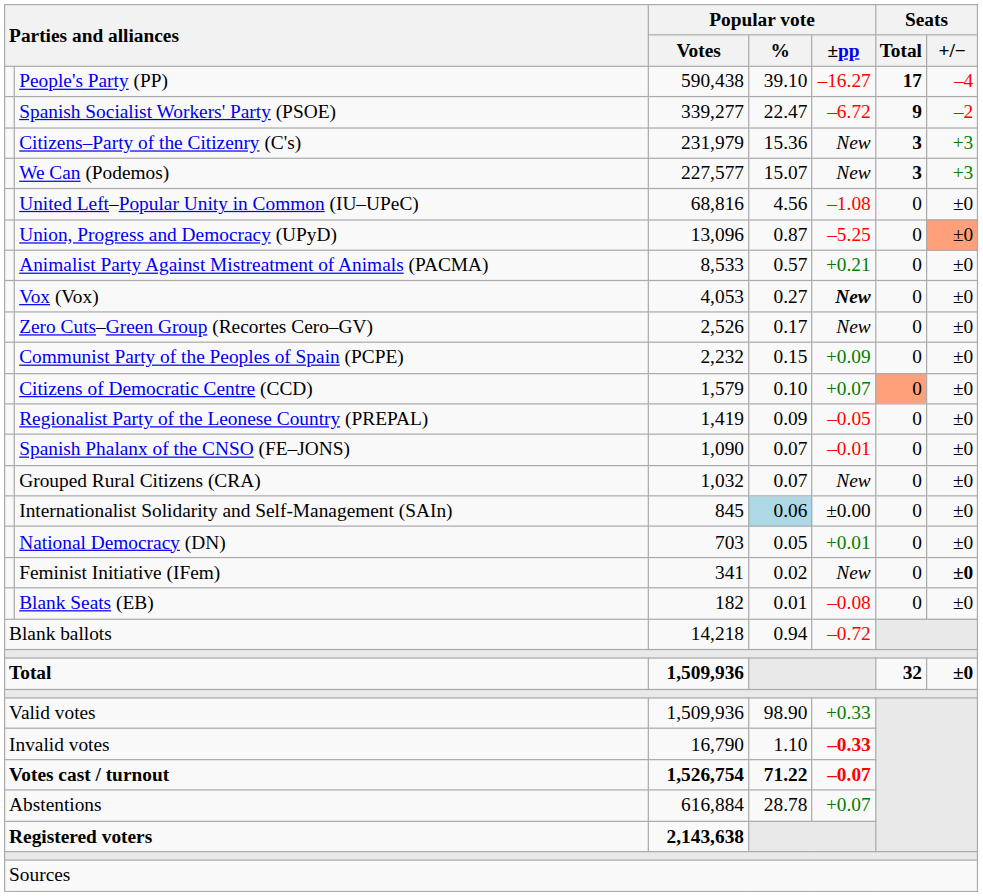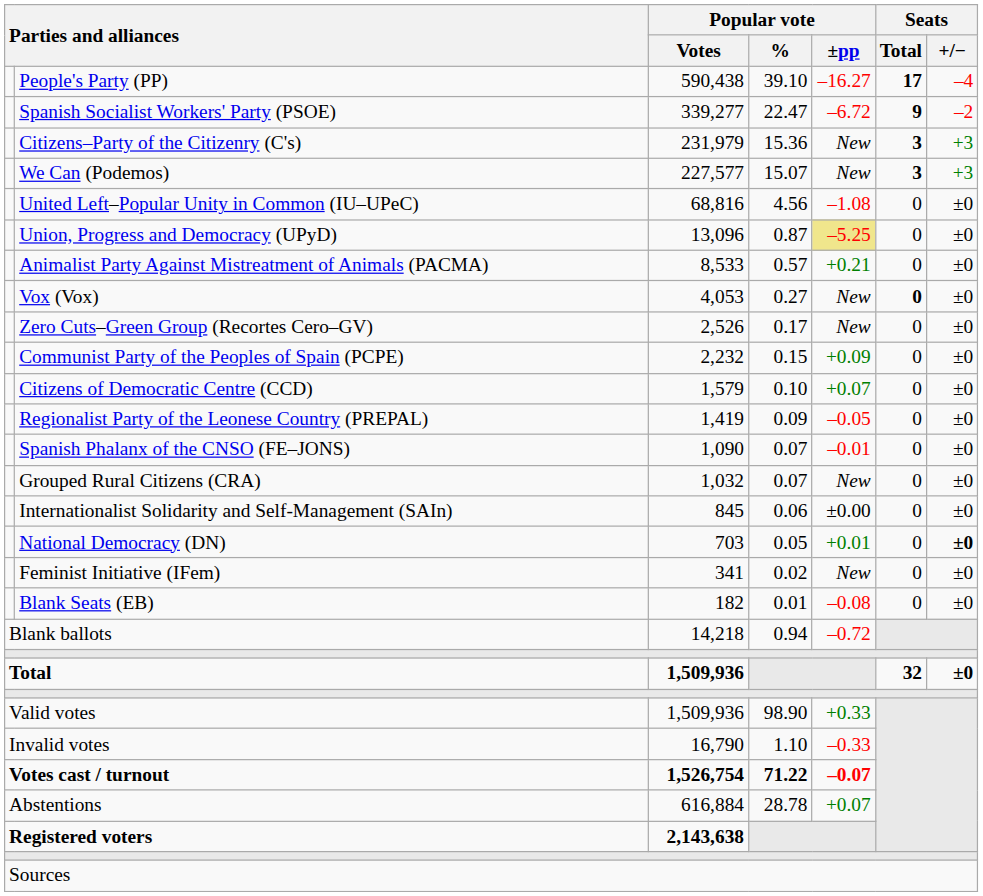 <table class="wikitable" style="text-align:right;">
 <tr>
 <th style="text-align:left;" rowspan="2" colspan="2" width="525">Parties and alliances</th>
 <th colspan="3">Popular vote</th>
 <th colspan="2">Seats</th>
 </tr>
 <tr>
 <th width="75">Votes</th>
 <th width="45">%</th>
 <th width="45">±<a href='#'>pp</a></th>
 <th width="35">Total</th>
 <th width="35">+/−</th>
 </tr>
 <tr>
 <td width="1" style="color:inherit;background:"></td>
 <td align="left"><a href='#'>People's Party</a> (PP)</td>
 <td>590,438</td>
 <td>39.10</td>
 <td style="color:red;">–16.27</td>
 <td><strong>17</strong></td>
 <td style="color:red;">–4</td>
 </tr>
 <tr>
 <td style="color:inherit;background:"></td>
 <td align="left"><a href='#'>Spanish Socialist Workers' Party</a> (PSOE)</td>
 <td>339,277</td>
 <td>22.47</td>
 <td style="color:red;">–6.72</td>
 <td><strong>9</strong></td>
 <td style="color:red;">–2</td>
 </tr>
 <tr>
 <td style="color:inherit;background:"></td>
 <td align="left"><a href='#'>Citizens–Party of the Citizenry</a> (C's)</td>
 <td>231,979</td>
 <td>15.36</td>
 <td><em>New</em></td>
 <td><strong>3</strong></td>
 <td style="color:green;">+3</td>
 </tr>
 <tr>
 <td style="color:inherit;background:"></td>
 <td align="left"><a href='#'>We Can</a> (Podemos)</td>
 <td>227,577</td>
 <td>15.07</td>
 <td><em>New</em></td>
 <td><strong>3</strong></td>
 <td style="color:green;">+3</td>
 </tr>
 <tr>
 <td style="color:inherit;background:"></td>
 <td align="left"><a href='#'>United Left</a>–<a href='#'>Popular Unity in Common</a> (IU–UPeC)</td>
 <td>68,816</td>
 <td>4.56</td>
 <td style="color:red;">–1.08</td>
 <td>0</td>
 <td>±0</td>
 </tr>
 <tr>
 <td style="color:inherit;background:"></td>
 <td align="left"><a href='#'>Union, Progress and Democracy</a> (UPyD)</td>
 <td>13,096</td>
 <td>0.87</td>
-<td style="color:red;">–5.25</td>
+<td style="background: khaki; color:red;">–5.25</td>
 <td>0</td>
-<td style="background: lightsalmon;">±0</td>
+<td>±0</td>
 </tr>
 <tr>
 <td style="color:inherit;background:"></td>
 <td align="left"><a href='#'>Animalist Party Against Mistreatment of Animals</a> (PACMA)</td>
 <td>8,533</td>
 <td>0.57</td>
 <td style="color:green;">+0.21</td>
 <td>0</td>
 <td>±0</td>
 </tr>
 <tr>
 <td style="color:inherit;background:"></td>
 <td align="left"><a href='#'>Vox</a> (Vox)</td>
 <td>4,053</td>
 <td>0.27</td>
-<td><strong><em>New</em></strong></td>
-<td>0</td>
+<td><em>New</em></td>
+<td><strong>0</strong></td>
 <td>±0</td>
 </tr>
 <tr>
 <td style="color:inherit;background:"></td>
 <td align="left"><a href='#'>Zero Cuts</a>–<a href='#'>Green Group</a> (Recortes Cero–GV)</td>
 <td>2,526</td>
 <td>0.17</td>
 <td><em>New</em></td>
 <td>0</td>
 <td>±0</td>
 </tr>
 <tr>
 <td style="color:inherit;background:"></td>
 <td align="left"><a href='#'>Communist Party of the Peoples of Spain</a> (PCPE)</td>
 <td>2,232</td>
 <td>0.15</td>
 <td style="color:green;">+0.09</td>
 <td>0</td>
 <td>±0</td>
 </tr>
 <tr>
 <td style="color:inherit;background:"></td>
 <td align="left"><a href='#'>Citizens of Democratic Centre</a> (CCD)</td>
 <td>1,579</td>
 <td>0.10</td>
 <td style="color:green;">+0.07</td>
-<td style="background: lightsalmon;">0</td>
+<td>0</td>
 <td>±0</td>
 </tr>
 <tr>
 <td style="color:inherit;background:"></td>
 <td align="left"><a href='#'>Regionalist Party of the Leonese Country</a> (PREPAL)</td>
 <td>1,419</td>
 <td>0.09</td>
 <td style="color:red;">–0.05</td>
 <td>0</td>
 <td>±0</td>
 </tr>
 <tr>
 <td style="color:inherit;background:"></td>
 <td align="left"><a href='#'>Spanish Phalanx of the CNSO</a> (FE–JONS)</td>
 <td>1,090</td>
 <td>0.07</td>
 <td style="color:red;">–0.01</td>
 <td>0</td>
 <td>±0</td>
 </tr>
 <tr>
 <td style="color:inherit;background:"></td>
 <td align="left">Grouped Rural Citizens (CRA)</td>
 <td>1,032</td>
 <td>0.07</td>
 <td><em>New</em></td>
 <td>0</td>
 <td>±0</td>
 </tr>
 <tr>
 <td style="color:inherit;background:"></td>
 <td align="left">Internationalist Solidarity and Self-Management (SAIn)</td>
 <td>845</td>
-<td style="background: lightblue;">0.06</td>
+<td>0.06</td>
 <td>±0.00</td>
 <td>0</td>
 <td>±0</td>
 </tr>
 <tr>
 <td style="color:inherit;background:"></td>
 <td align="left"><a href='#'>National Democracy</a> (DN)</td>
 <td>703</td>
 <td>0.05</td>
 <td style="color:green;">+0.01</td>
 <td>0</td>
-<td>±0</td>
+<td><strong>±0</strong></td>
 </tr>
 <tr>
 <td style="color:inherit;background:"></td>
 <td align="left">Feminist Initiative (IFem)</td>
 <td>341</td>
 <td>0.02</td>
 <td><em>New</em></td>
 <td>0</td>
-<td><strong>±0</strong></td>
+<td>±0</td>
 </tr>
 <tr>
 <td style="color:inherit;background:"></td>
 <td align="left"><a href='#'>Blank Seats</a> (EB)</td>
 <td>182</td>
 <td>0.01</td>
 <td style="color:red;">–0.08</td>
 <td>0</td>
 <td>±0</td>
 </tr>
 <tr>
 <td align="left" colspan="2">Blank ballots</td>
 <td>14,218</td>
 <td>0.94</td>
 <td style="color:red;">–0.72</td>
 <td bgcolor="#E9E9E9" colspan="2"></td>
 </tr>
 <tr>
 <td colspan="7" bgcolor="#E9E9E9"></td>
 </tr>
 <tr style="font-weight:bold;">
 <td align="left" colspan="2">Total</td>
 <td>1,509,936</td>
 <td bgcolor="#E9E9E9" colspan="2"></td>
 <td>32</td>
 <td>±0</td>
 </tr>
 <tr>
 <td colspan="7" bgcolor="#E9E9E9"></td>
 </tr>
 <tr>
 <td align="left" colspan="2">Valid votes</td>
 <td>1,509,936</td>
 <td>98.90</td>
 <td style="color:green;">+0.33</td>
 <td bgcolor="#E9E9E9" colspan="2" rowspan="5"></td>
 </tr>
 <tr>
 <td align="left" colspan="2">Invalid votes</td>
 <td>16,790</td>
 <td>1.10</td>
-<td style="color:red;"><strong>–0.33</strong></td>
+<td style="color:red;">–0.33</td>
 </tr>
 <tr style="font-weight:bold;">
 <td align="left" colspan="2">Votes cast / turnout</td>
 <td>1,526,754</td>
 <td>71.22</td>
 <td style="color:red;">–0.07</td>
 </tr>
 <tr>
 <td align="left" colspan="2">Abstentions</td>
 <td>616,884</td>
 <td>28.78</td>
 <td style="color:green;">+0.07</td>
 </tr>
 <tr style="font-weight:bold;">
 <td align="left" colspan="2">Registered voters</td>
 <td>2,143,638</td>
 <td bgcolor="#E9E9E9" colspan="2"></td>
 </tr>
 <tr>
 <td colspan="7" bgcolor="#E9E9E9"></td>
 </tr>
 <tr>
 <td align="left" colspan="7">Sources</td>
 </tr>
 </table>
